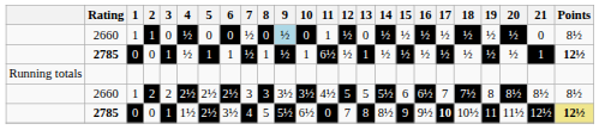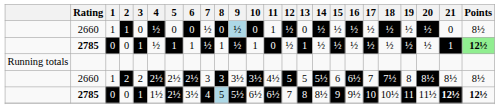 <table class="wikitable" style="margin: 1em auto 1em auto; text-align:center">
 <tr>
 <th></th>
 <th>Rating</th>
 <th width=14>1</th>
 <th width=14>2</th>
 <th width=14>3</th>
 <th width=14>4</th>
 <th width=14>5</th>
 <th width=14>6</th>
 <th width=14>7</th>
 <th width=14>8</th>
 <th width=14>9</th>
 <th width=14>10</th>
 <th width=14>11</th>
 <th width=14>12</th>
 <th width=14>13</th>
 <th width=14>14</th>
 <th width=14>15</th>
 <th width=14>16</th>
 <th width=14>17</th>
 <th width=14>18</th>
 <th width=14>19</th>
 <th width=14>20</th>
 <th width=14>21</th>
 <th>Points</th>
 </tr>
 <tr>
 <td align=left></td>
 <td>2660</td>
 <td>1</td>
 <td style="background:black; color:white">1</td>
 <td>0</td>
 <td style="background:black; color:white">½</td>
 <td>0</td>
 <td style="background:black; color:white">0</td>
 <td>½</td>
 <td style="background:black; color:white">0</td>
 <td style="background: lightblue;">½</td>
 <td style="background:black; color:white">0</td>
 <td>1</td>
 <td style="background:black; color:white">½</td>
 <td>0</td>
 <td style="background:black; color:white">½</td>
 <td>½</td>
 <td style="background:black; color:white">½</td>
 <td>½</td>
 <td style="background:black; color:white">½</td>
 <td>½</td>
 <td style="background:black; color:white">½</td>
 <td>0</td>
 <td>8½</td>
 </tr>
 <tr>
 <td align=left></td>
 <td><strong>2785</strong></td>
 <td style="background:black; color:white">0</td>
 <td>0</td>
 <td style="background:black; color:white">1</td>
 <td>½</td>
 <td style="background:black; color:white">1</td>
 <td>1</td>
 <td style="background:black; color:white">½</td>
 <td>1</td>
 <td style="background:black; color:white">½</td>
 <td>1</td>
-<td style="background:black; color:white">6½</td>
+<td style="background:black; color:white">0</td>
 <td>½</td>
 <td style="background:black; color:white">1</td>
 <td>½</td>
 <td style="background:black; color:white">½</td>
 <td>½</td>
 <td style="background:black; color:white">½</td>
 <td>½</td>
 <td style="background:black; color:white">½</td>
 <td>½</td>
 <td style="background:black; color:white">1</td>
-<td><strong>12½</strong></td>
+<td style="background: lightgreen;"><strong>12½</strong></td>
 </tr>
 <tr>
 <td align=center>Running totals</td>
 <td></td>
 <td></td>
 <td></td>
 <td></td>
 <td></td>
 <td></td>
 <td></td>
 <td></td>
 <td></td>
 <td></td>
 <td></td>
 <td></td>
 <td></td>
 <td></td>
 <td></td>
 <td></td>
 <td></td>
 <td></td>
 <td></td>
 <td></td>
 <td></td>
 <td></td>
 <td></td>
 </tr>
 <tr>
 <td align=left></td>
 <td>2660</td>
 <td>1</td>
 <td style="background:black; color:white">2</td>
 <td>2</td>
 <td style="background:black; color:white">2½</td>
 <td>2½</td>
 <td style="background:black; color:white">2½</td>
 <td>3</td>
 <td style="background:black; color:white">3</td>
 <td>3½</td>
 <td style="background:black; color:white">3½</td>
 <td>4½</td>
 <td style="background:black; color:white">5</td>
 <td>5</td>
 <td style="background:black; color:white">5½</td>
 <td>6</td>
 <td style="background:black; color:white">6½</td>
 <td>7</td>
 <td style="background:black; color:white">7½</td>
 <td>8</td>
 <td style="background:black; color:white">8½</td>
 <td>8½</td>
 <td>8½</td>
 </tr>
 <tr>
 <td align=left></td>
 <td><strong>2785</strong></td>
 <td style="background:black; color:white">0</td>
 <td>0</td>
 <td style="background:black; color:white">1</td>
 <td>1½</td>
 <td style="background:black; color:white">2½</td>
 <td>3½</td>
 <td style="background:black; color:white">4</td>
-<td>5</td>
+<td style="background: lightblue;">5</td>
 <td style="background:black; color:white">5½</td>
 <td>6½</td>
-<td style="background:black; color:white">0</td>
+<td style="background:black; color:white">6½</td>
 <td>7</td>
 <td style="background:black; color:white">8</td>
 <td>8½</td>
 <td style="background:black; color:white">9</td>
 <td>9½</td>
-<td style="background:black; color:white"><strong>10</strong></td>
+<td style="background:black; color:white">10</td>
 <td>10½</td>
 <td style="background:black; color:white">11</td>
 <td>11½</td>
-<td style="background:black; color:white">12½</td>
-<td style="background: khaki;"><strong>12½</strong></td>
+<td style="background:black; color:white"><strong>12½</strong></td>
+<td><strong>12½</strong></td>
 </tr>
 <tr>
 </tr>
 <tr>
 </tr>
 </table>
